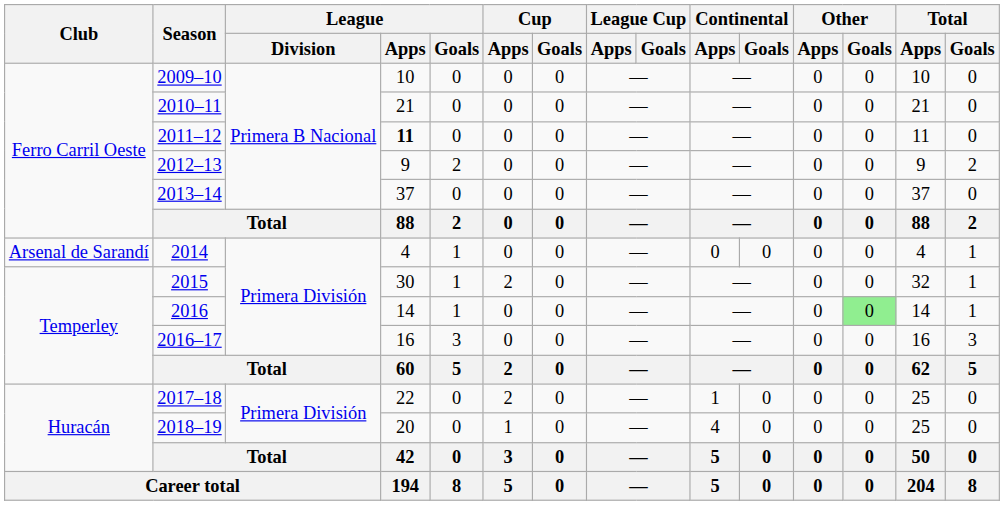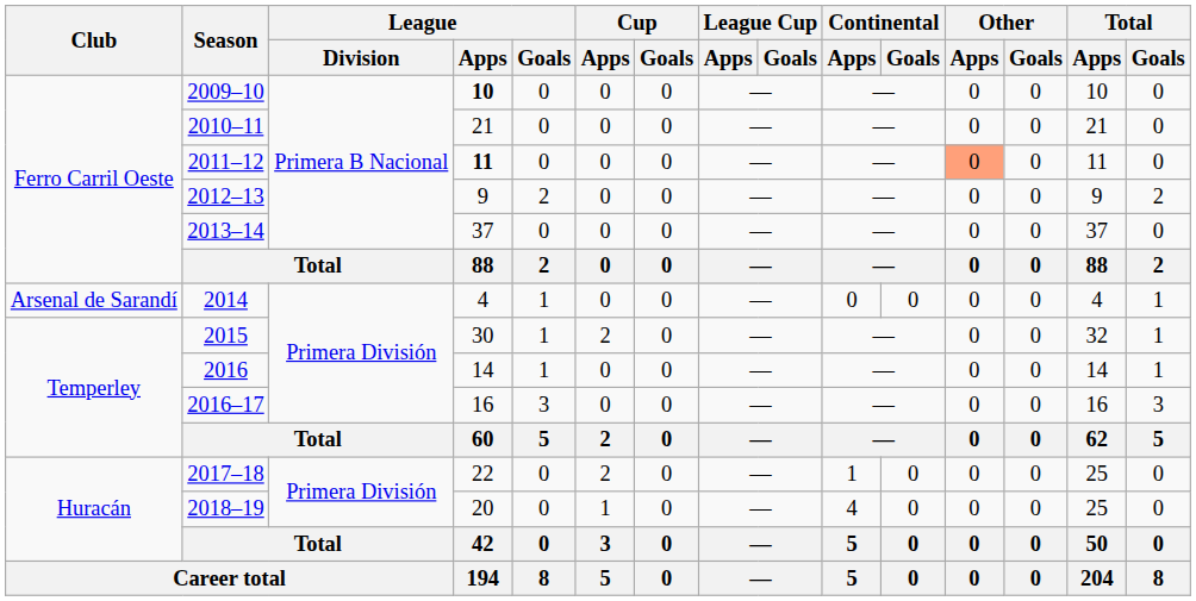 <table class="wikitable" style="text-align:center">
 <tr>
 <th rowspan="2">Club</th>
 <th rowspan="2">Season</th>
 <th colspan="3">League</th>
 <th colspan="2">Cup</th>
 <th colspan="2">League Cup</th>
 <th colspan="2">Continental</th>
 <th colspan="2">Other</th>
 <th colspan="2">Total</th>
 </tr>
 <tr>
 <th>Division</th>
 <th>Apps</th>
 <th>Goals</th>
 <th>Apps</th>
 <th>Goals</th>
 <th>Apps</th>
 <th>Goals</th>
 <th>Apps</th>
 <th>Goals</th>
 <th>Apps</th>
 <th>Goals</th>
 <th>Apps</th>
 <th>Goals</th>
 </tr>
 <tr>
 <td rowspan="6"><a href='#'>Ferro Carril Oeste</a></td>
 <td><a href='#'>2009–10</a></td>
 <td rowspan="5"><a href='#'>Primera B Nacional</a></td>
-<td>10</td>
+<td><strong>10</strong></td>
 <td>0</td>
 <td>0</td>
 <td>0</td>
 <td colspan="2">—</td>
 <td colspan="2">—</td>
 <td>0</td>
 <td>0</td>
 <td>10</td>
 <td>0</td>
 </tr>
 <tr>
 <td><a href='#'>2010–11</a></td>
 <td>21</td>
 <td>0</td>
 <td>0</td>
 <td>0</td>
 <td colspan="2">—</td>
 <td colspan="2">—</td>
 <td>0</td>
 <td>0</td>
 <td>21</td>
 <td>0</td>
 </tr>
 <tr>
 <td><a href='#'>2011–12</a></td>
 <td><strong>11</strong></td>
 <td>0</td>
 <td>0</td>
 <td>0</td>
 <td colspan="2">—</td>
 <td colspan="2">—</td>
-<td>0</td>
+<td style="background: lightsalmon;">0</td>
 <td>0</td>
 <td>11</td>
 <td>0</td>
 </tr>
 <tr>
 <td><a href='#'>2012–13</a></td>
 <td>9</td>
 <td>2</td>
 <td>0</td>
 <td>0</td>
 <td colspan="2">—</td>
 <td colspan="2">—</td>
 <td>0</td>
 <td>0</td>
 <td>9</td>
 <td>2</td>
 </tr>
 <tr>
 <td><a href='#'>2013–14</a></td>
 <td>37</td>
 <td>0</td>
 <td>0</td>
 <td>0</td>
 <td colspan="2">—</td>
 <td colspan="2">—</td>
 <td>0</td>
 <td>0</td>
 <td>37</td>
 <td>0</td>
 </tr>
 <tr>
 <th colspan="2">Total</th>
 <th>88</th>
 <th>2</th>
 <th>0</th>
 <th>0</th>
 <th colspan="2">—</th>
 <th colspan="2">—</th>
 <th>0</th>
 <th>0</th>
 <th>88</th>
 <th>2</th>
 </tr>
 <tr>
 <td rowspan="1"><a href='#'>Arsenal de Sarandí</a></td>
 <td><a href='#'>2014</a></td>
 <td rowspan="4"><a href='#'>Primera División</a></td>
 <td>4</td>
 <td>1</td>
 <td>0</td>
 <td>0</td>
 <td colspan="2">—</td>
 <td>0</td>
 <td>0</td>
 <td>0</td>
 <td>0</td>
 <td>4</td>
 <td>1</td>
 </tr>
 <tr>
 <td rowspan="4"><a href='#'>Temperley</a></td>
 <td><a href='#'>2015</a></td>
 <td>30</td>
 <td>1</td>
 <td>2</td>
 <td>0</td>
 <td colspan="2">—</td>
 <td colspan="2">—</td>
 <td>0</td>
 <td>0</td>
 <td>32</td>
 <td>1</td>
 </tr>
 <tr>
 <td><a href='#'>2016</a></td>
 <td>14</td>
 <td>1</td>
 <td>0</td>
 <td>0</td>
 <td colspan="2">—</td>
 <td colspan="2">—</td>
 <td>0</td>
-<td style="background: lightgreen;">0</td>
+<td>0</td>
 <td>14</td>
 <td>1</td>
 </tr>
 <tr>
 <td><a href='#'>2016–17</a></td>
 <td>16</td>
 <td>3</td>
 <td>0</td>
 <td>0</td>
 <td colspan="2">—</td>
 <td colspan="2">—</td>
 <td>0</td>
 <td>0</td>
 <td>16</td>
 <td>3</td>
 </tr>
 <tr>
 <th colspan="2">Total</th>
 <th>60</th>
 <th>5</th>
 <th>2</th>
 <th>0</th>
 <th colspan="2">—</th>
 <th colspan="2">—</th>
 <th>0</th>
 <th>0</th>
 <th>62</th>
 <th>5</th>
 </tr>
 <tr>
 <td rowspan="3"><a href='#'>Huracán</a></td>
 <td><a href='#'>2017–18</a></td>
 <td rowspan="2"><a href='#'>Primera División</a></td>
 <td>22</td>
 <td>0</td>
 <td>2</td>
 <td>0</td>
 <td colspan="2">—</td>
 <td>1</td>
 <td>0</td>
 <td>0</td>
 <td>0</td>
 <td>25</td>
 <td>0</td>
 </tr>
 <tr>
 <td><a href='#'>2018–19</a></td>
 <td>20</td>
 <td>0</td>
 <td>1</td>
 <td>0</td>
 <td colspan="2">—</td>
 <td>4</td>
 <td>0</td>
 <td>0</td>
 <td>0</td>
 <td>25</td>
 <td>0</td>
 </tr>
 <tr>
 <th colspan="2">Total</th>
 <th>42</th>
 <th>0</th>
 <th>3</th>
 <th>0</th>
 <th colspan="2">—</th>
 <th>5</th>
 <th>0</th>
 <th>0</th>
 <th>0</th>
 <th>50</th>
 <th>0</th>
 </tr>
 <tr>
 <th colspan="3">Career total</th>
 <th>194</th>
 <th>8</th>
 <th>5</th>
 <th>0</th>
 <th colspan="2">—</th>
 <th>5</th>
 <th>0</th>
 <th>0</th>
 <th>0</th>
 <th>204</th>
 <th>8</th>
 </tr>
 </table>
